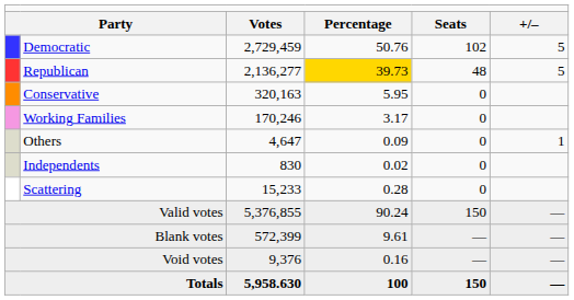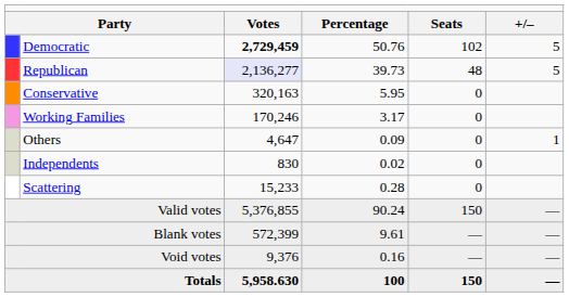 <table class="wikitable" style="font-size: 95%;">
 <tr>
 <td colspan=10 align=center></td>
 </tr>
 <tr>
 <th colspan=2 style="width: 15em">Party</th>
 <th style="width: 5em">Votes</th>
 <th style="width: 7em">Percentage</th>
 <th style="width: 5em">Seats</th>
 <th style="width: 5em">+/–</th>
 </tr>
 <tr>
 <th style="background-color:#33F; width: 3px"></th>
 <td style="width: 130px"><a href='#'>Democratic</a></td>
-<td align="right">2,729,459</td>
+<td align="right"><strong>2,729,459</strong></td>
 <td align="right">50.76</td>
 <td align="right">102</td>
 <td align="right"> 5</td>
 </tr>
 <tr>
 <th style="background-color:#F33; width: 3px"></th>
 <td style="width: 130px"><a href='#'>Republican</a></td>
-<td align="right">2,136,277</td>
-<td align="right" style="background: gold;">39.73</td>
+<td align="right" style="background: lavender;">2,136,277</td>
+<td align="right">39.73</td>
 <td align="right">48</td>
 <td align="right"> 5</td>
 </tr>
 <tr>
 <th style="background-color:#ff8c00; width: 3px"></th>
 <td style="width: 130px"><a href='#'>Conservative</a></td>
 <td align="right">320,163</td>
 <td align="right">5.95</td>
 <td align="right">0</td>
 <td align="right"></td>
 </tr>
 <tr>
 <th style="background-color:#f598e2; width: 3px"></th>
 <td style="width: 130px"><a href='#'>Working Families</a></td>
 <td align="right">170,246</td>
 <td align="right">3.17</td>
 <td align="right">0</td>
 <td align="right"></td>
 </tr>
 <tr>
 <th style="background-color:#DDDDCC; width: 3px"></th>
 <td style="width: 130px">Others</td>
 <td align="right">4,647</td>
 <td align="right">0.09</td>
 <td align="right">0</td>
 <td align="right"> 1</td>
 </tr>
 <tr>
 <th style="background-color:#DDDDCC; width: 3px"></th>
 <td style="width: 130px"><a href='#'>Independents</a></td>
 <td align="right">830</td>
 <td align="right">0.02</td>
 <td align="right">0</td>
 <td align="right"></td>
 </tr>
 <tr>
 <th style="background-color:#ffffff; width: 3px"></th>
 <td style="width: 130px"><a href='#'>Scattering</a></td>
 <td align="right">15,233</td>
 <td align="right">0.28</td>
 <td align="right">0</td>
 <td align="right"></td>
 </tr>
 <tr bgcolor="#EEEEEE">
 <td colspan="2" align="right">Valid votes</td>
 <td align="right">5,376,855</td>
 <td align="right">90.24</td>
 <td align="right">150</td>
 <td align="right">—</td>
 </tr>
 <tr bgcolor="#EEEEEE">
 <td colspan="2" align="right">Blank votes</td>
 <td align="right">572,399</td>
 <td align="right">9.61</td>
 <td align="right">—</td>
 <td align="right">—</td>
 </tr>
 <tr bgcolor="#EEEEEE">
 <td colspan="2" align="right">Void votes</td>
 <td align="right">9,376</td>
 <td align="right">0.16</td>
 <td align="right">—</td>
 <td align="right">—</td>
 </tr>
 <tr bgcolor="#EEEEEE">
 <td colspan="2" align="right"><strong>Totals</strong></td>
 <td align="right"><strong>5,958.630</strong></td>
 <td align="right"><strong>100</strong></td>
 <td align="right"><strong>150</strong></td>
 <td align="right"><strong>—</strong></td>
 </tr>
 </table>
